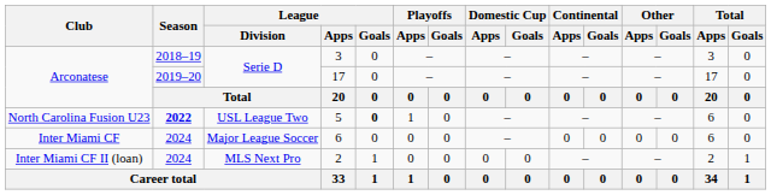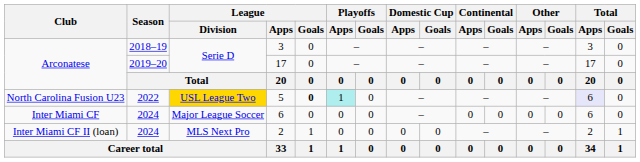 <table class="wikitable" style="text-align: center">
 <tr>
 <th rowspan="2">Club</th>
 <th rowspan="2">Season</th>
 <th colspan="3">League</th>
 <th colspan="2">Playoffs</th>
 <th colspan="2">Domestic Cup</th>
 <th colspan="2">Continental</th>
 <th colspan="2">Other</th>
 <th colspan="2">Total</th>
 </tr>
 <tr>
 <th>Division</th>
 <th>Apps</th>
 <th>Goals</th>
 <th>Apps</th>
 <th>Goals</th>
 <th>Apps</th>
 <th>Goals</th>
 <th>Apps</th>
 <th>Goals</th>
 <th>Apps</th>
 <th>Goals</th>
 <th>Apps</th>
 <th>Goals</th>
 </tr>
 <tr>
 <td rowspan=3><a href='#'>Arconatese</a></td>
 <td><a href='#'>2018–19</a></td>
 <td rowspan=2><a href='#'>Serie D</a></td>
 <td>3</td>
 <td>0</td>
 <td colspan="2">–</td>
 <td colspan="2">–</td>
 <td colspan="2">–</td>
 <td colspan="2">–</td>
 <td>3</td>
 <td>0</td>
 </tr>
 <tr>
 <td><a href='#'>2019–20</a></td>
 <td>17</td>
 <td>0</td>
 <td colspan="2">–</td>
 <td colspan="2">–</td>
 <td colspan="2">–</td>
 <td colspan="2">–</td>
 <td>17</td>
 <td>0</td>
 </tr>
 <tr>
 <th colspan="2">Total</th>
 <th>20</th>
 <th>0</th>
 <th>0</th>
 <th>0</th>
 <th>0</th>
 <th>0</th>
 <th>0</th>
 <th>0</th>
 <th>0</th>
 <th>0</th>
 <th>20</th>
 <th>0</th>
 </tr>
 <tr>
 <td><a href='#'>North Carolina Fusion U23</a></td>
-<td><strong><a href='#'>2022</a></strong></td>
-<td><a href='#'>USL League Two</a></td>
+<td><a href='#'>2022</a></td>
+<td style="background: gold;"><a href='#'>USL League Two</a></td>
 <td>5</td>
 <td><strong>0</strong></td>
-<td>1</td>
+<td style="background: paleturquoise;">1</td>
 <td>0</td>
 <td colspan="2">–</td>
 <td colspan="2">–</td>
 <td colspan="2">–</td>
-<td>6</td>
+<td style="background: lavender;">6</td>
 <td>0</td>
 </tr>
 <tr>
 <td><a href='#'>Inter Miami CF</a></td>
 <td><a href='#'>2024</a></td>
 <td><a href='#'>Major League Soccer</a></td>
 <td>6</td>
 <td>0</td>
 <td>0</td>
 <td>0</td>
 <td colspan="2">–</td>
 <td>0</td>
 <td>0</td>
 <td>0</td>
 <td>0</td>
 <td>6</td>
 <td>0</td>
 </tr>
 <tr>
 <td><a href='#'>Inter Miami CF II</a> (loan)</td>
 <td><a href='#'>2024</a></td>
 <td><a href='#'>MLS Next Pro</a></td>
 <td>2</td>
 <td>1</td>
 <td>0</td>
 <td>0</td>
 <td>0</td>
 <td>0</td>
 <td colspan="2">–</td>
 <td colspan="2">–</td>
 <td>2</td>
 <td>1</td>
 </tr>
 <tr>
 <th colspan="3"><strong>Career total</strong></th>
 <th>33</th>
 <th>1</th>
 <th>1</th>
 <th>0</th>
 <th>0</th>
 <th>0</th>
 <th>0</th>
 <th>0</th>
 <th>0</th>
 <th>0</th>
 <th>34</th>
 <th>1</th>
 </tr>
 </table>
